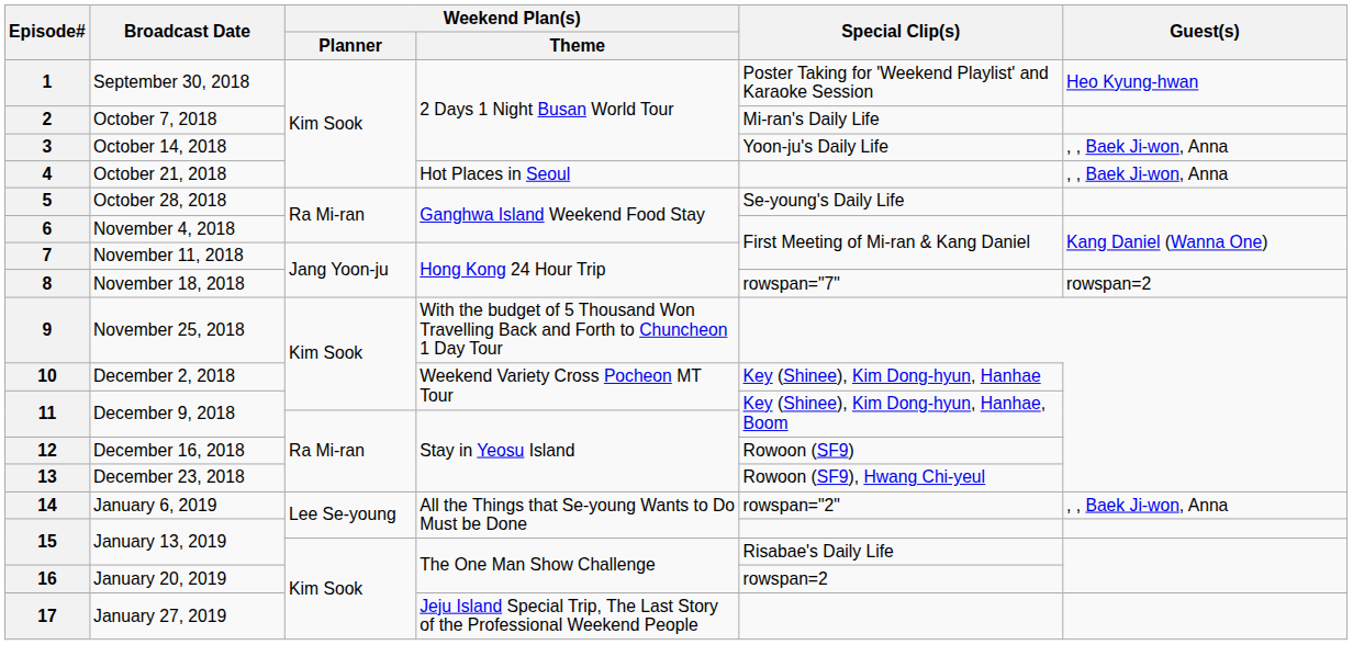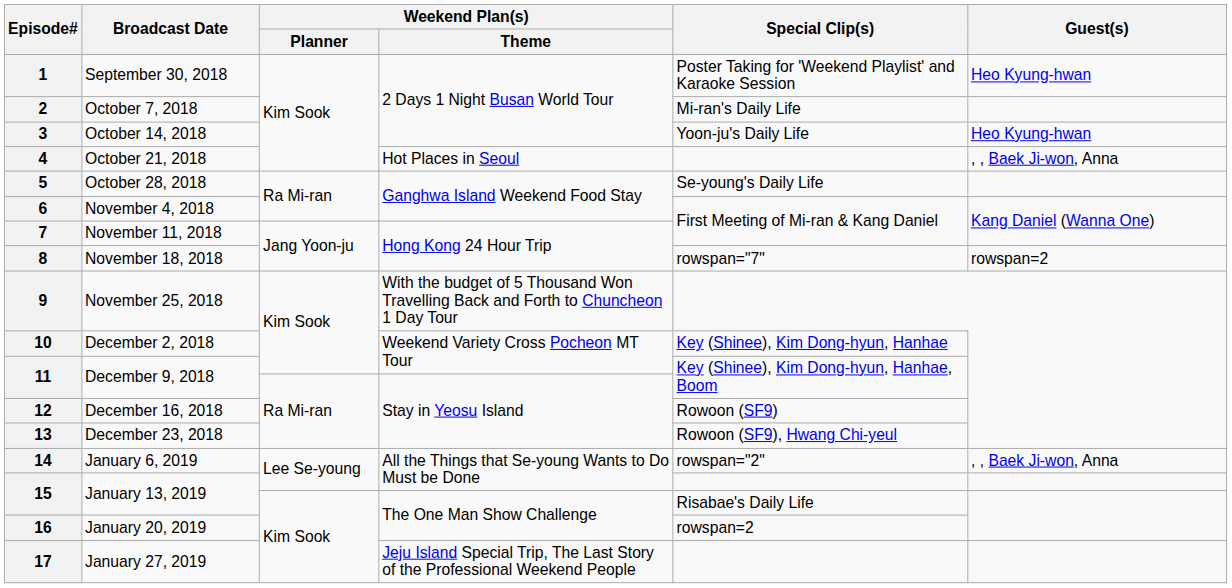 <table class="wikitable">
 <tr>
 <th rowspan="2" style="width: 3%">Episode#</th>
 <th rowspan="2" style="width: 15%">Broadcast Date</th>
 <th colspan="2" style="width: 30%">Weekend Plan(s)</th>
 <th rowspan="2" style="width: 25%">Special Clip(s)</th>
 <th rowspan="2" style="width: 45%">Guest(s)</th>
 </tr>
 <tr>
 <th style="width: 10%">Planner</th>
 <th style="width: 25%">Theme</th>
 </tr>
 <tr>
 <th>1</th>
 <td>September 30, 2018</td>
 <td rowspan="4">Kim Sook</td>
 <td rowspan=3>2 Days 1 Night <a href='#'>Busan</a> World Tour</td>
 <td>Poster Taking for 'Weekend Playlist' and Karaoke Session</td>
 <td><a href='#'>Heo Kyung-hwan</a></td>
 </tr>
 <tr>
 <th>2</th>
 <td>October 7, 2018</td>
 <td>Mi-ran's Daily Life</td>
 </tr>
 <tr>
 <th>3</th>
 <td>October 14, 2018</td>
 <td>Yoon-ju's Daily Life</td>
-<td>, , <a href='#'>Baek Ji-won</a>, Anna</td>
+<td><a href='#'>Heo Kyung-hwan</a></td>
 </tr>
 <tr>
 <th>4</th>
 <td>October 21, 2018</td>
 <td>Hot Places in <a href='#'>Seoul</a></td>
 <td></td>
 <td>, , <a href='#'>Baek Ji-won</a>, Anna</td>
 </tr>
 <tr>
 <th>5</th>
 <td>October 28, 2018</td>
 <td rowspan="2">Ra Mi-ran</td>
 <td rowspan=2><a href='#'>Ganghwa Island</a> Weekend Food Stay</td>
 <td>Se-young's Daily Life</td>
 </tr>
 <tr>
 <th>6</th>
 <td>November 4, 2018</td>
 <td rowspan="2">First Meeting of Mi-ran & Kang Daniel</td>
 <td rowspan=2><a href='#'>Kang Daniel</a> (<a href='#'>Wanna One</a>)</td>
 </tr>
 <tr>
 <th>7</th>
 <td>November 11, 2018</td>
 <td rowspan="2">Jang Yoon-ju</td>
 <td rowspan=2><a href='#'>Hong Kong</a> 24 Hour Trip</td>
 </tr>
 <tr>
 <th>8</th>
 <td>November 18, 2018</td>
 <td>rowspan="7" </td>
 <td>rowspan=2 </td>
 </tr>
 <tr>
 <th>9</th>
 <td>November 25, 2018</td>
 <td rowspan="3">Kim Sook</td>
 <td>With the budget of 5 Thousand Won Travelling Back and Forth to <a href='#'>Chuncheon</a> 1 Day Tour</td>
 </tr>
 <tr>
 <th>10</th>
 <td>December 2, 2018</td>
 <td rowspan=2>Weekend Variety Cross <a href='#'>Pocheon</a> MT Tour</td>
 <td><a href='#'>Key</a> (<a href='#'>Shinee</a>), <a href='#'>Kim Dong-hyun</a>, <a href='#'>Hanhae</a></td>
 </tr>
 <tr>
 <th rowspan="2">11</th>
 <td rowspan="2">December 9, 2018</td>
 <td rowspan="2"><a href='#'>Key</a> (<a href='#'>Shinee</a>), <a href='#'>Kim Dong-hyun</a>, <a href='#'>Hanhae</a>, <a href='#'>Boom</a></td>
 </tr>
 <tr>
 <td rowspan="3">Ra Mi-ran</td>
 <td rowspan="3">Stay in <a href='#'>Yeosu</a> Island</td>
 </tr>
 <tr>
 <th>12</th>
 <td>December 16, 2018</td>
 <td>Rowoon (<a href='#'>SF9</a>)</td>
 </tr>
 <tr>
 <th>13</th>
 <td>December 23, 2018</td>
 <td>Rowoon (<a href='#'>SF9</a>), <a href='#'>Hwang Chi-yeul</a></td>
 </tr>
 <tr>
 <th>14</th>
 <td>January 6, 2019</td>
 <td rowspan="2">Lee Se-young</td>
 <td rowspan="2">All the Things that Se-young Wants to Do Must be Done</td>
 <td>rowspan="2" </td>
 <td>, , <a href='#'>Baek Ji-won</a>, Anna</td>
 </tr>
 <tr>
 <th rowspan="2">15</th>
 <td rowspan="2">January 13, 2019</td>
 <td></td>
 </tr>
 <tr>
 <td rowspan="3">Kim Sook</td>
 <td rowspan="2">The One Man Show Challenge</td>
 <td>Risabae's Daily Life</td>
 <td rowspan="2"></td>
 </tr>
 <tr>
 <th>16</th>
 <td>January 20, 2019</td>
 <td>rowspan=2 </td>
 </tr>
 <tr>
 <th>17</th>
 <td>January 27, 2019</td>
 <td><a href='#'>Jeju Island</a> Special Trip, The Last Story of the Professional Weekend People</td>
 <td></td>
 </tr>
 </table>
